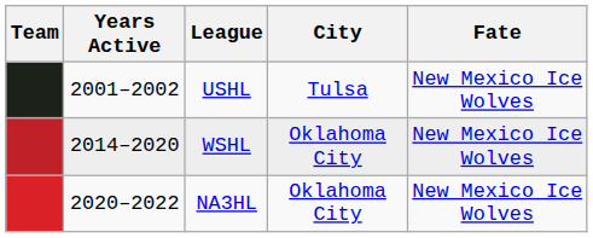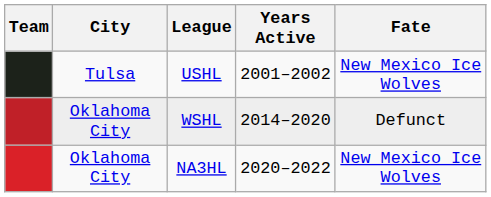 <table class="wikitable sortable" width="60%">
 <tr>
 <th>Team</th>
+<th>City</th>
+<th>League</th>
 <th>Years Active</th>
-<th>League</th>
-<th>City</th>
 <th>Fate</th>
 </tr>
 <tr align=center>
 <td style="color:white; background:#1c221a; "><strong><a href='#'></a></strong></td>
+<td><a href='#'>Tulsa</a></td>
+<td><a href='#'>USHL</a></td>
 <td>2001–2002</td>
-<td><a href='#'>USHL</a></td>
-<td><a href='#'>Tulsa</a></td>
 <td><a href='#'>New Mexico Ice Wolves</a></td>
 </tr>
 <tr align=center bgcolor=eeeeee>
 <td style="color:white; background:#c02028; "><strong><a href='#'></a></strong></td>
+<td><a href='#'>Oklahoma City</a></td>
+<td><a href='#'>WSHL</a></td>
 <td>2014–2020</td>
-<td><a href='#'>WSHL</a></td>
-<td><a href='#'>Oklahoma City</a></td>
-<td><a href='#'>New Mexico Ice Wolves</a></td>
+<td>Defunct</td>
 </tr>
 <tr align=center>
 <td style="color:white; background:#da2128; "><strong><a href='#'></a></strong></td>
+<td><a href='#'>Oklahoma City</a></td>
+<td><a href='#'>NA3HL</a></td>
 <td>2020–2022</td>
-<td><a href='#'>NA3HL</a></td>
-<td><a href='#'>Oklahoma City</a></td>
 <td><a href='#'>New Mexico Ice Wolves</a></td>
 </tr>
 </table>
